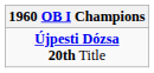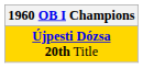 <table class="wikitable" style="text-align: center; margin: 0 auto;">
 <tr>
 <th>1960 <a href='#'>OB I</a> Champions</th>
 </tr>
 <tr>
-<td><strong><a href='#'>Újpesti Dózsa</a></strong><br><strong>20th</strong> Title</td>
+<td style="background: gold;"><strong><a href='#'>Újpesti Dózsa</a></strong><br><strong>20th</strong> Title</td>
 </tr>
 </table>
